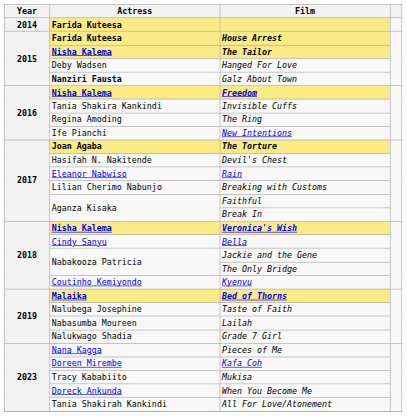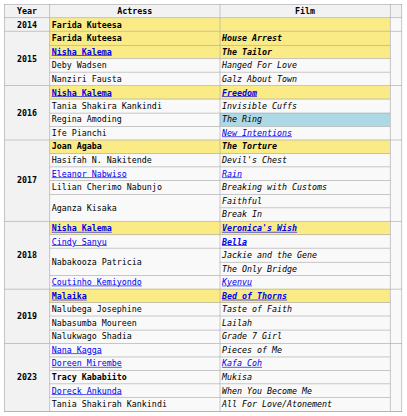 <table class="wikitable sortable">
 <tr>
 <th scope="col" style="width:8%;">Year</th>
 <th scope="col" style="width:30%;">Actress</th>
 <th scope="col" style="width:30%;">Film</th>
 <th scope="col" style="width:2%;" class="unsortable"></th>
 </tr>
 <tr>
 <th scope="row" rowspan=1 style="text-align:center;">2014 <br></th>
 <td style="background:#FAEB86;"><strong>Farida Kuteesa</strong></td>
 <td style="background:#FAEB86;"><strong><em>   </em></strong></td>
 <td rowspan="1"></td>
 </tr>
 <tr>
 <th scope="row" rowspan=4 style="text-align:center;">2015 <br></th>
 <td style="background:#FAEB86;"><strong>Farida Kuteesa</strong></td>
 <td style="background:#FAEB86;"><strong><em>House Arrest</em></strong></td>
 <td rowspan="4"></td>
 </tr>
 <tr>
 <td style="background:#FAEB86;"><strong><a href='#'>Nisha Kalema</a></strong></td>
 <td style="background:#FAEB86;"><strong><em>The Tailor</em></strong></td>
 </tr>
 <tr>
 <td>Deby Wadsen</td>
 <td><em>Hanged For Love</em></td>
 </tr>
 <tr>
-<td><strong>Nanziri Fausta</strong></td>
+<td>Nanziri Fausta</td>
 <td><em>Galz About Town</em></td>
 </tr>
 <tr>
 <th scope="row" rowspan=4 style="text-align:center;">2016 <br></th>
 <td style="background:#FAEB86;"><strong><a href='#'>Nisha Kalema</a></strong></td>
 <td style="background:#FAEB86;"><strong><em><a href='#'>Freedom</a></em></strong></td>
 <td rowspan="4"></td>
 </tr>
 <tr>
 <td>Tania Shakira Kankindi</td>
 <td><em>Invisible Cuffs</em></td>
 </tr>
 <tr>
 <td>Regina Amoding</td>
-<td><em>The Ring</em></td>
+<td style="background: lightblue;"><em>The Ring</em></td>
 </tr>
 <tr>
 <td>Ife Pianchi</td>
 <td><em><a href='#'>New Intentions</a></em></td>
 </tr>
 <tr>
 <th scope="row" rowspan=6 style="text-align:center;">2017 <br></th>
 <td style="background:#FAEB86;"><strong>Joan Agaba</strong></td>
 <td style="background:#FAEB86;"><strong><em>The Torture</em></strong></td>
 <td rowspan="6"></td>
 </tr>
 <tr>
 <td>Hasifah N. Nakitende</td>
 <td><em>Devil's Chest</em></td>
 </tr>
 <tr>
 <td><a href='#'>Eleanor Nabwiso</a></td>
 <td><em><a href='#'>Rain</a></em></td>
 </tr>
 <tr>
 <td>Lilian Cherimo Nabunjo</td>
 <td><em>Breaking with Customs</em></td>
 </tr>
 <tr>
 <td rowspan="2">Aganza Kisaka</td>
 <td><em>Faithful</em></td>
 </tr>
 <tr>
 <td><em>Break In</em></td>
 </tr>
 <tr>
 <th scope="row" rowspan=5 style="text-align:center;">2018 <br></th>
 <td style="background:#FAEB86;"><strong><a href='#'>Nisha Kalema</a></strong></td>
 <td style="background:#FAEB86;"><strong><em><a href='#'>Veronica's Wish</a></em></strong></td>
 <td rowspan="5"></td>
 </tr>
 <tr>
 <td><a href='#'>Cindy Sanyu</a></td>
-<td><em><a href='#'>Bella</a></em></td>
+<td><strong><em><a href='#'>Bella</a></em></strong></td>
 </tr>
 <tr>
 <td rowspan=2>Nabakooza Patricia</td>
 <td><em>Jackie and the Gene</em></td>
 </tr>
 <tr>
 <td><em>The Only Bridge</em></td>
 </tr>
 <tr>
 <td><a href='#'>Coutinho Kemiyondo</a></td>
 <td><em><a href='#'>Kyenvu</a></em></td>
 </tr>
 <tr>
 <th scope="row" rowspan=4 style="text-align:center;">2019 <br></th>
 <td style="background:#FAEB86;"><strong><a href='#'>Malaika</a></strong></td>
 <td style="background:#FAEB86;"><strong><em><a href='#'>Bed of Thorns</a></em></strong></td>
 <td rowspan="4"></td>
 </tr>
 <tr>
 <td>Nalubega Josephine</td>
 <td><em>Taste of Faith</em></td>
 </tr>
 <tr>
 <td>Nabasumba Moureen</td>
 <td><em>Lailah</em></td>
 </tr>
 <tr>
 <td>Nalukwago Shadia</td>
 <td><em>Grade 7 Girl</em></td>
 </tr>
 <tr>
 <th scope="row" rowspan=5 style="text-align:center;">2023 <br></th>
 <td><a href='#'>Nana Kagga</a></td>
 <td><em>Pieces of Me</em></td>
 <td rowspan="5"></td>
 </tr>
 <tr>
 <td><a href='#'>Doreen Mirembe</a></td>
 <td><em><a href='#'>Kafa Coh</a></em></td>
 </tr>
 <tr>
-<td>Tracy Kababiito</td>
+<td><strong>Tracy Kababiito</strong></td>
 <td><em>Mukisa</em></td>
 </tr>
 <tr>
 <td><a href='#'>Doreck Ankunda</a></td>
 <td><em>When You Become Me</em></td>
 </tr>
 <tr>
 <td>Tania Shakirah Kankindi</td>
 <td><em>All For Love/Atonement</em></td>
 </tr>
 <tr>
 </tr>
 </table>
